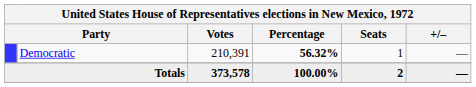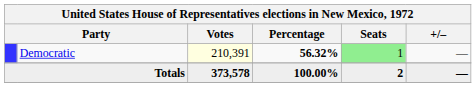 <table class="wikitable" style="font-size: 95%;">
 <tr>
 <th colspan="6">United States House of Representatives elections in New Mexico, 1972</th>
 </tr>
 <tr>
 <th colspan=2 style="width: 15em">Party</th>
 <th style="width: 5em">Votes</th>
 <th style="width: 7em">Percentage</th>
 <th style="width: 5em">Seats</th>
 <th style="width: 5em">+/–</th>
 </tr>
 <tr>
 <th style="background-color:#3333FF; width: 3px"></th>
 <td style="width: 130px"><a href='#'>Democratic</a></td>
-<td align="right">210,391</td>
+<td align="right" style="background: lightyellow;">210,391</td>
 <td align="right"><strong>56.32%</strong></td>
-<td align="right">1</td>
+<td align="right" style="background: lightgreen;">1</td>
 <td align="right">—</td>
 </tr>
 <tr>
 </tr>
 <tr bgcolor="#EEEEEE">
 <td colspan="2" align="right"><strong>Totals</strong></td>
 <td align="right"><strong>373,578</strong></td>
 <td align="right"><strong>100.00%</strong></td>
 <td align="right"><strong>2</strong></td>
 <td align="right"><strong>—</strong></td>
 </tr>
 <tr bgcolor="#EEEEEE">
 </tr>
 </table>
